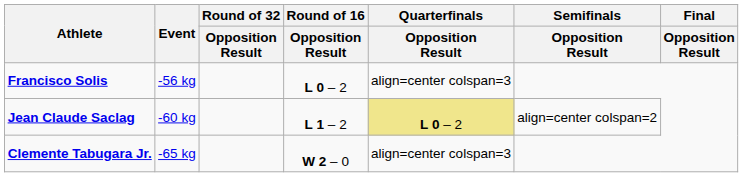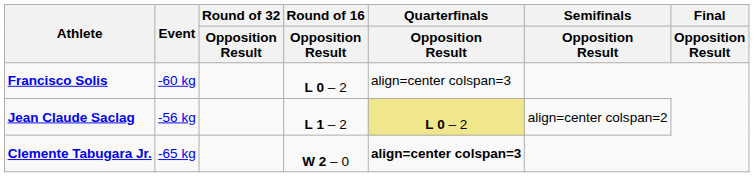 <table class="wikitable" border="1" style="font-size:90%">
 <tr>
 <th rowspan=2>Athlete</th>
 <th rowspan=2>Event</th>
 <th>Round of 32</th>
 <th>Round of 16</th>
 <th>Quarterfinals</th>
 <th>Semifinals</th>
 <th>Final</th>
 </tr>
 <tr>
 <th>Opposition<br>Result</th>
 <th>Opposition<br>Result</th>
 <th>Opposition<br>Result</th>
 <th>Opposition<br>Result</th>
 <th>Opposition<br>Result</th>
 </tr>
 <tr>
 <td><strong><a href='#'>Francisco Solis</a></strong></td>
-<td><a href='#'>-56 kg</a></td>
+<td><a href='#'>-60 kg</a></td>
 <td></td>
 <td align=center> <br> <strong>L</strong> <strong>0</strong> – 2</td>
 <td>align=center colspan=3</td>
 </tr>
 <tr>
 <td><strong><a href='#'>Jean Claude Saclag</a></strong></td>
-<td><a href='#'>-60 kg</a></td>
+<td><a href='#'>-56 kg</a></td>
 <td></td>
 <td align=center> <br> <strong>L</strong> <strong>1</strong> – 2</td>
 <td align=center style="background: khaki;"> <br> <strong>L</strong> <strong>0</strong> – 2</td>
 <td>align=center colspan=2</td>
 </tr>
 <tr>
 <td><strong><a href='#'>Clemente Tabugara Jr.</a></strong></td>
 <td><a href='#'>-65 kg</a></td>
 <td></td>
 <td align=center> <br> <strong>W</strong> <strong>2</strong> – 0</td>
-<td>align=center colspan=3</td>
+<td><strong>align=center colspan=3</strong></td>
 </tr>
 </table>
